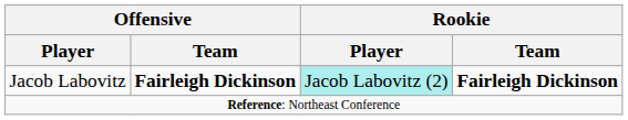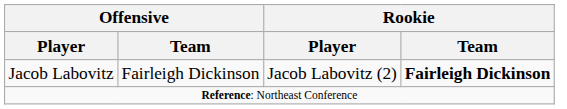 <table class="wikitable">
 <tr>
 <th colspan="2">Offensive</th>
 <th colspan="2">Rookie</th>
 </tr>
 <tr>
 <th>Player</th>
 <th>Team</th>
 <th>Player</th>
 <th>Team</th>
 </tr>
 <tr>
 <td>Jacob Labovitz</td>
-<td><strong>Fairleigh Dickinson</strong></td>
-<td style="background: paleturquoise;">Jacob Labovitz (2)</td>
+<td>Fairleigh Dickinson</td>
+<td>Jacob Labovitz (2)</td>
 <td><strong>Fairleigh Dickinson</strong></td>
 </tr>
 <tr>
 <td colspan="12"  style="font-size:8pt; text-align:center;"><strong>Reference</strong>: Northeast Conference</td>
 </tr>
 </table>
